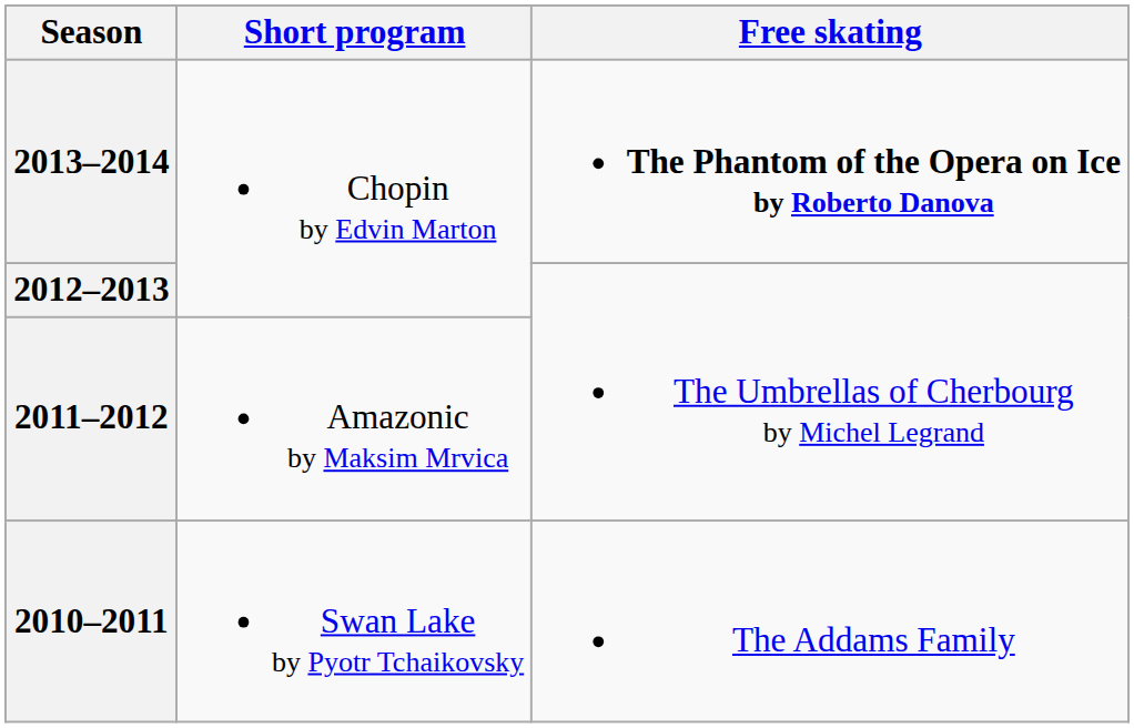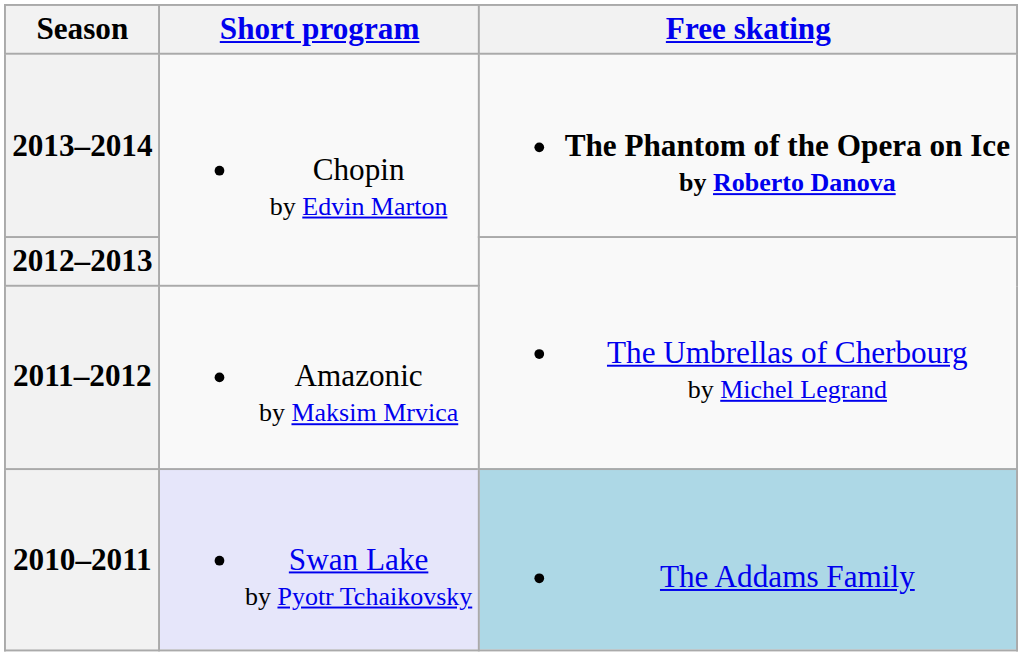 <table class="wikitable" style="text-align:center">
 <tr>
 <th>Season</th>
 <th><a href='#'>Short program</a></th>
 <th><a href='#'>Free skating</a></th>
 </tr>
 <tr>
 <th>2013–2014 <br> </th>
 <td rowspan=2><br><ul><li>Chopin <br><small> by <a href='#'>Edvin Marton</a> </small></li></ul></td>
 <td><strong><br><ul><li>The Phantom of the Opera on Ice <br><small> by <a href='#'>Roberto Danova</a> </small></li></ul></strong></td>
 </tr>
 <tr>
 <th>2012–2013 <br> </th>
 <td rowspan=2><br><ul><li><a href='#'>The Umbrellas of Cherbourg</a> <br><small> by <a href='#'>Michel Legrand</a> </small></li></ul></td>
 </tr>
 <tr>
 <th>2011–2012 <br> </th>
 <td><br><ul><li>Amazonic <br><small> by <a href='#'>Maksim Mrvica</a> </small></li></ul></td>
 </tr>
 <tr>
 <th>2010–2011 <br> </th>
-<td><br><ul><li><a href='#'>Swan Lake</a> <br><small> by <a href='#'>Pyotr Tchaikovsky</a> </small></li></ul></td>
-<td><br><ul><li><a href='#'>The Addams Family</a></li></ul></td>
+<td style="background: lavender;"><br><ul><li><a href='#'>Swan Lake</a> <br><small> by <a href='#'>Pyotr Tchaikovsky</a> </small></li></ul></td>
+<td style="background: lightblue;"><br><ul><li><a href='#'>The Addams Family</a></li></ul></td>
 </tr>
 </table>
